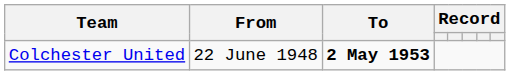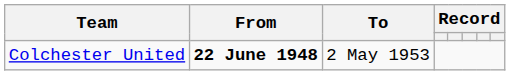 <table class=wikitable style="text-align: center">
 <tr>
 <th rowspan=2>Team</th>
 <th rowspan=2>From</th>
 <th rowspan=2>To</th>
 <th colspan=5>Record</th>
 </tr>
 <tr>
 <th></th>
 <th></th>
 <th></th>
 <th></th>
 <th></th>
 </tr>
 <tr>
 <td align=left><a href='#'>Colchester United</a></td>
-<td align=left>22 June 1948</td>
-<td align=left><strong>2 May 1953<br></strong></td>
+<td align=left><strong>22 June 1948</strong></td>
+<td align=left>2 May 1953<br></td>
 </tr>
 </table>
